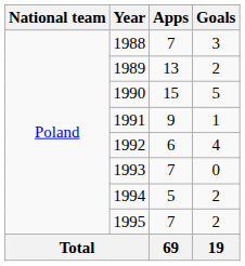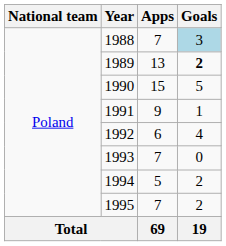 <table class="wikitable" style="text-align:center">
 <tr>
 <th>National team</th>
 <th>Year</th>
 <th>Apps</th>
 <th>Goals</th>
 </tr>
 <tr>
 <td rowspan="8"><a href='#'>Poland</a></td>
 <td>1988</td>
 <td>7</td>
-<td>3</td>
+<td style="background: lightblue;">3</td>
 </tr>
 <tr>
 <td>1989</td>
 <td>13</td>
-<td>2</td>
+<td><strong>2</strong></td>
 </tr>
 <tr>
 <td>1990</td>
 <td>15</td>
 <td>5</td>
 </tr>
 <tr>
 <td>1991</td>
 <td>9</td>
 <td>1</td>
 </tr>
 <tr>
 <td>1992</td>
 <td>6</td>
 <td>4</td>
 </tr>
 <tr>
 <td>1993</td>
 <td>7</td>
 <td>0</td>
 </tr>
 <tr>
 <td>1994</td>
 <td>5</td>
 <td>2</td>
 </tr>
 <tr>
 <td>1995</td>
 <td>7</td>
 <td>2</td>
 </tr>
 <tr>
 <th colspan="2">Total</th>
 <th>69</th>
 <th>19</th>
 </tr>
 </table>
